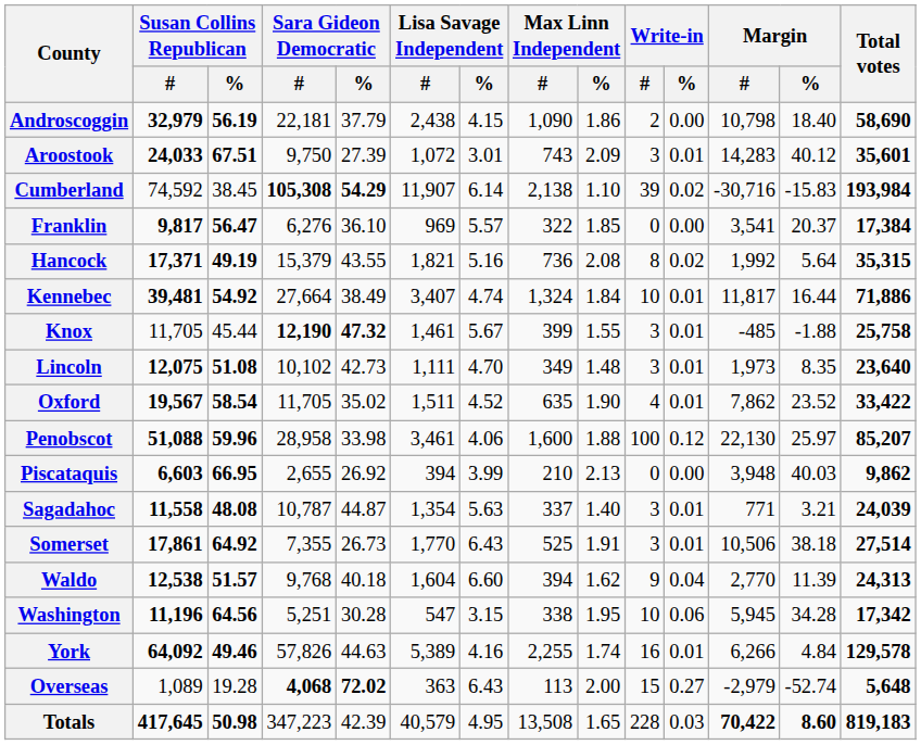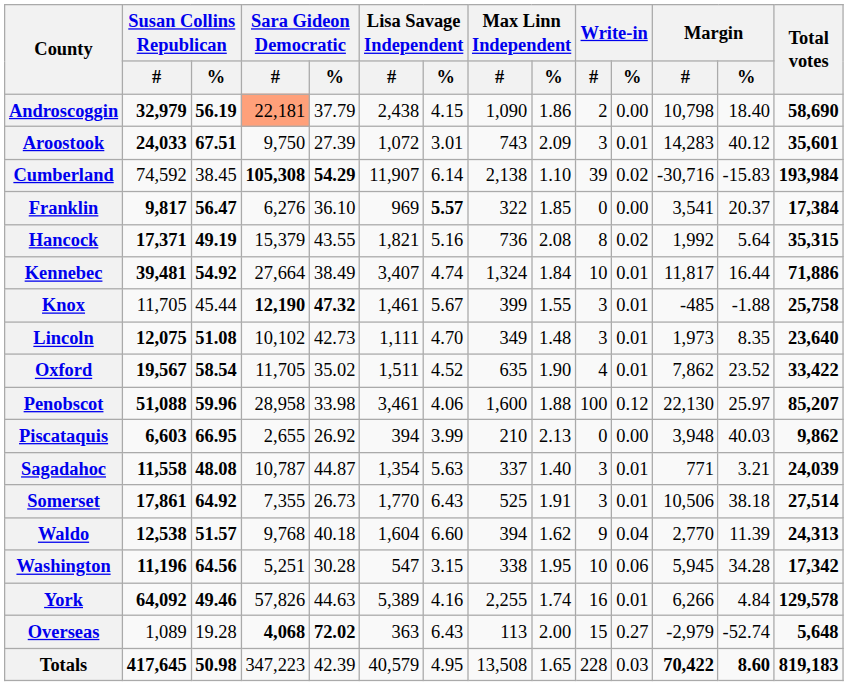 <table class="wikitable sortable" style="text-align:right;font-size:90%;line-height:1.3">
 <tr>
 <th rowspan="2">County</th>
 <th colspan="2"><a href='#'>Susan Collins</a><br><a href='#'>Republican</a></th>
 <th colspan="2"><a href='#'>Sara Gideon</a><br><a href='#'>Democratic</a></th>
 <th colspan="2">Lisa Savage<br><a href='#'>Independent</a></th>
 <th colspan="2">Max Linn<br><a href='#'>Independent</a></th>
 <th colspan="2"><a href='#'>Write-in</a></th>
 <th colspan="2">Margin</th>
 <th rowspan="2">Total<br>votes</th>
 </tr>
 <tr>
 <th data-sort-type="number">#</th>
 <th data-sort-type="number">%</th>
 <th data-sort-type="number">#</th>
 <th data-sort-type="number">%</th>
 <th data-sort-type="number">#</th>
 <th data-sort-type="number">%</th>
 <th data-sort-type="number">#</th>
 <th data-sort-type="number">%</th>
 <th data-sort-type="number">#</th>
 <th data-sort-type="number">%</th>
 <th data-sort-type="number">#</th>
 <th data-sort-type="number">%</th>
 </tr>
 <tr>
 <th><a href='#'>Androscoggin</a></th>
 <td><strong>32,979</strong></td>
 <td><strong>56.19</strong></td>
-<td>22,181</td>
+<td style="background: lightsalmon;">22,181</td>
 <td>37.79</td>
 <td>2,438</td>
 <td>4.15</td>
 <td>1,090</td>
 <td>1.86</td>
 <td>2</td>
 <td>0.00</td>
 <td>10,798</td>
 <td>18.40</td>
 <td><strong>58,690</strong></td>
 </tr>
 <tr>
 <th><a href='#'>Aroostook</a></th>
 <td><strong>24,033</strong></td>
 <td><strong>67.51</strong></td>
 <td>9,750</td>
 <td>27.39</td>
 <td>1,072</td>
 <td>3.01</td>
 <td>743</td>
 <td>2.09</td>
 <td>3</td>
 <td>0.01</td>
 <td>14,283</td>
 <td>40.12</td>
 <td><strong>35,601</strong></td>
 </tr>
 <tr>
 <th><a href='#'>Cumberland</a></th>
 <td>74,592</td>
 <td>38.45</td>
 <td><strong>105,308</strong></td>
 <td><strong>54.29</strong></td>
 <td>11,907</td>
 <td>6.14</td>
 <td>2,138</td>
 <td>1.10</td>
 <td>39</td>
 <td>0.02</td>
 <td>-30,716</td>
 <td>-15.83</td>
 <td><strong>193,984</strong></td>
 </tr>
 <tr>
 <th><a href='#'>Franklin</a></th>
 <td><strong>9,817</strong></td>
 <td><strong>56.47</strong></td>
 <td>6,276</td>
 <td>36.10</td>
 <td>969</td>
-<td>5.57</td>
+<td><strong>5.57</strong></td>
 <td>322</td>
 <td>1.85</td>
 <td>0</td>
 <td>0.00</td>
 <td>3,541</td>
 <td>20.37</td>
 <td><strong>17,384</strong></td>
 </tr>
 <tr>
 <th><a href='#'>Hancock</a></th>
 <td><strong>17,371</strong></td>
 <td><strong>49.19</strong></td>
 <td>15,379</td>
 <td>43.55</td>
 <td>1,821</td>
 <td>5.16</td>
 <td>736</td>
 <td>2.08</td>
 <td>8</td>
 <td>0.02</td>
 <td>1,992</td>
 <td>5.64</td>
 <td><strong>35,315</strong></td>
 </tr>
 <tr>
 <th><a href='#'>Kennebec</a></th>
 <td><strong>39,481</strong></td>
 <td><strong>54.92</strong></td>
 <td>27,664</td>
 <td>38.49</td>
 <td>3,407</td>
 <td>4.74</td>
 <td>1,324</td>
 <td>1.84</td>
 <td>10</td>
 <td>0.01</td>
 <td>11,817</td>
 <td>16.44</td>
 <td><strong>71,886</strong></td>
 </tr>
 <tr>
 <th><a href='#'>Knox</a></th>
 <td>11,705</td>
 <td>45.44</td>
 <td><strong>12,190</strong></td>
 <td><strong>47.32</strong></td>
 <td>1,461</td>
 <td>5.67</td>
 <td>399</td>
 <td>1.55</td>
 <td>3</td>
 <td>0.01</td>
 <td>-485</td>
 <td>-1.88</td>
 <td><strong>25,758</strong></td>
 </tr>
 <tr>
 <th><a href='#'>Lincoln</a></th>
 <td><strong>12,075</strong></td>
 <td><strong>51.08</strong></td>
 <td>10,102</td>
 <td>42.73</td>
 <td>1,111</td>
 <td>4.70</td>
 <td>349</td>
 <td>1.48</td>
 <td>3</td>
 <td>0.01</td>
 <td>1,973</td>
 <td>8.35</td>
 <td><strong>23,640</strong></td>
 </tr>
 <tr>
 <th><a href='#'>Oxford</a></th>
 <td><strong>19,567</strong></td>
 <td><strong>58.54</strong></td>
 <td>11,705</td>
 <td>35.02</td>
 <td>1,511</td>
 <td>4.52</td>
 <td>635</td>
 <td>1.90</td>
 <td>4</td>
 <td>0.01</td>
 <td>7,862</td>
 <td>23.52</td>
 <td><strong>33,422</strong></td>
 </tr>
 <tr>
 <th><a href='#'>Penobscot</a></th>
 <td><strong>51,088</strong></td>
 <td><strong>59.96</strong></td>
 <td>28,958</td>
 <td>33.98</td>
 <td>3,461</td>
 <td>4.06</td>
 <td>1,600</td>
 <td>1.88</td>
 <td>100</td>
 <td>0.12</td>
 <td>22,130</td>
 <td>25.97</td>
 <td><strong>85,207</strong></td>
 </tr>
 <tr>
 <th><a href='#'>Piscataquis</a></th>
 <td><strong>6,603</strong></td>
 <td><strong>66.95</strong></td>
 <td>2,655</td>
 <td>26.92</td>
 <td>394</td>
 <td>3.99</td>
 <td>210</td>
 <td>2.13</td>
 <td>0</td>
 <td>0.00</td>
 <td>3,948</td>
 <td>40.03</td>
 <td><strong>9,862</strong></td>
 </tr>
 <tr>
 <th><a href='#'>Sagadahoc</a></th>
 <td><strong>11,558</strong></td>
 <td><strong>48.08</strong></td>
 <td>10,787</td>
 <td>44.87</td>
 <td>1,354</td>
 <td>5.63</td>
 <td>337</td>
 <td>1.40</td>
 <td>3</td>
 <td>0.01</td>
 <td>771</td>
 <td>3.21</td>
 <td><strong>24,039</strong></td>
 </tr>
 <tr>
 <th><a href='#'>Somerset</a></th>
 <td><strong>17,861</strong></td>
 <td><strong>64.92</strong></td>
 <td>7,355</td>
 <td>26.73</td>
 <td>1,770</td>
 <td>6.43</td>
 <td>525</td>
 <td>1.91</td>
 <td>3</td>
 <td>0.01</td>
 <td>10,506</td>
 <td>38.18</td>
 <td><strong>27,514</strong></td>
 </tr>
 <tr>
 <th><a href='#'>Waldo</a></th>
 <td><strong>12,538</strong></td>
 <td><strong>51.57</strong></td>
 <td>9,768</td>
 <td>40.18</td>
 <td>1,604</td>
 <td>6.60</td>
 <td>394</td>
 <td>1.62</td>
 <td>9</td>
 <td>0.04</td>
 <td>2,770</td>
 <td>11.39</td>
 <td><strong>24,313</strong></td>
 </tr>
 <tr>
 <th><a href='#'>Washington</a></th>
 <td><strong>11,196</strong></td>
 <td><strong>64.56</strong></td>
 <td>5,251</td>
 <td>30.28</td>
 <td>547</td>
 <td>3.15</td>
 <td>338</td>
 <td>1.95</td>
 <td>10</td>
 <td>0.06</td>
 <td>5,945</td>
 <td>34.28</td>
 <td><strong>17,342</strong></td>
 </tr>
 <tr>
 <th><a href='#'>York</a></th>
 <td><strong>64,092</strong></td>
 <td><strong>49.46</strong></td>
 <td>57,826</td>
 <td>44.63</td>
 <td>5,389</td>
 <td>4.16</td>
 <td>2,255</td>
 <td>1.74</td>
 <td>16</td>
 <td>0.01</td>
 <td>6,266</td>
 <td>4.84</td>
 <td><strong>129,578</strong></td>
 </tr>
 <tr>
 <th><a href='#'>Overseas</a></th>
 <td>1,089</td>
 <td>19.28</td>
 <td><strong>4,068</strong></td>
 <td><strong>72.02</strong></td>
 <td>363</td>
 <td>6.43</td>
 <td>113</td>
 <td>2.00</td>
 <td>15</td>
 <td>0.27</td>
 <td>-2,979</td>
 <td>-52.74</td>
 <td><strong>5,648</strong></td>
 </tr>
 <tr class=sortbottom>
 <th>Totals</th>
 <td><strong>417,645</strong></td>
 <td><strong>50.98</strong></td>
 <td>347,223</td>
 <td>42.39</td>
 <td>40,579</td>
 <td>4.95</td>
 <td>13,508</td>
 <td>1.65</td>
 <td>228</td>
 <td>0.03</td>
 <td><strong>70,422</strong></td>
 <td><strong>8.60</strong></td>
 <td><strong>819,183</strong></td>
 </tr>
 </table>
